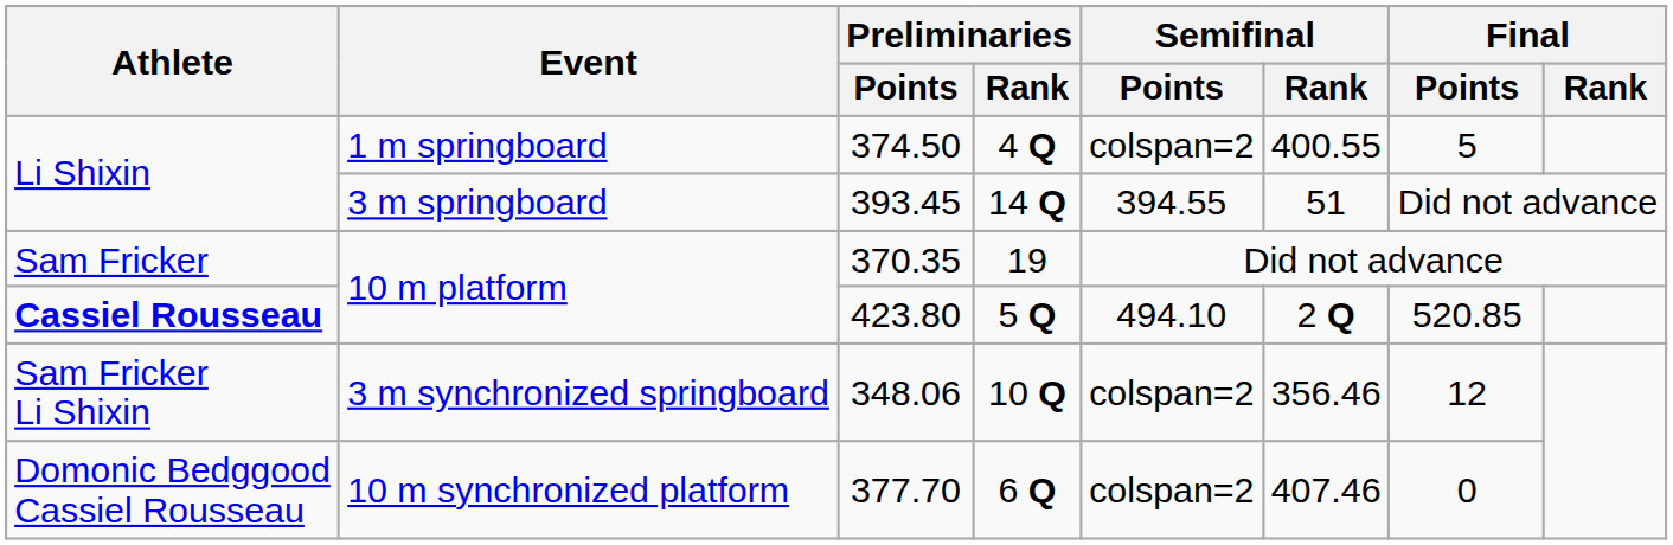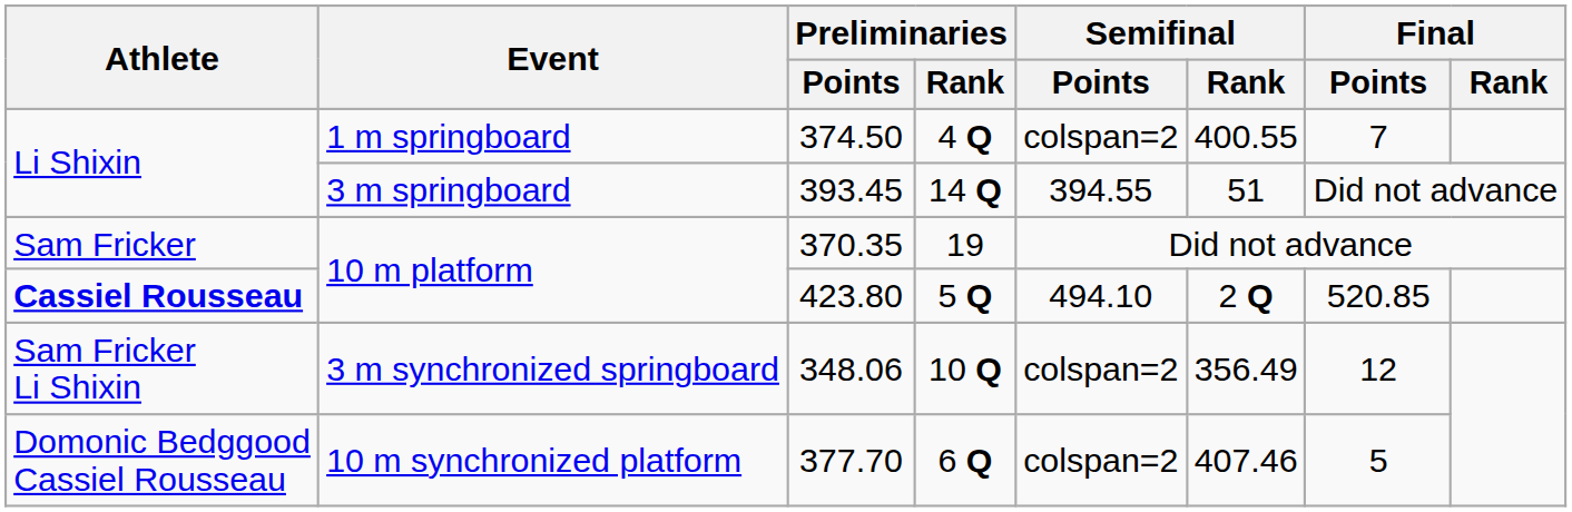 <table class="wikitable" style="text-align:center; font-size:90%;">
 <tr>
 <th rowspan=2>Athlete</th>
 <th rowspan=2>Event</th>
 <th colspan=2>Preliminaries</th>
 <th colspan=2>Semifinal</th>
 <th colspan=2>Final</th>
 </tr>
 <tr style="font-size:95%">
 <th>Points</th>
 <th>Rank</th>
 <th>Points</th>
 <th>Rank</th>
 <th>Points</th>
 <th>Rank</th>
 </tr>
 <tr>
 <td align=left rowspan=2><a href='#'>Li Shixin</a></td>
 <td align=left><a href='#'>1 m springboard</a></td>
 <td>374.50</td>
 <td>4 <strong>Q</strong></td>
 <td>colspan=2 </td>
 <td>400.55</td>
-<td>5</td>
+<td>7</td>
 </tr>
 <tr>
 <td align=left><a href='#'>3 m springboard</a></td>
 <td>393.45</td>
 <td>14 <strong>Q</strong></td>
 <td>394.55</td>
 <td>51</td>
 <td colspan=2>Did not advance</td>
 </tr>
 <tr>
 <td align=left><a href='#'>Sam Fricker</a></td>
 <td align=left rowspan=2><a href='#'>10 m platform</a></td>
 <td>370.35</td>
 <td>19</td>
 <td colspan=4>Did not advance</td>
 </tr>
 <tr>
 <td align=left><strong><a href='#'>Cassiel Rousseau</a></strong></td>
 <td>423.80</td>
 <td>5 <strong>Q</strong></td>
 <td>494.10</td>
 <td>2 <strong>Q</strong></td>
 <td>520.85</td>
 <td></td>
 </tr>
 <tr>
 <td align=left><a href='#'>Sam Fricker</a><br> <a href='#'>Li Shixin</a></td>
 <td align=left><a href='#'>3 m synchronized springboard</a></td>
 <td>348.06</td>
 <td>10 <strong>Q</strong></td>
 <td>colspan=2 </td>
-<td>356.46</td>
+<td>356.49</td>
 <td>12</td>
 </tr>
 <tr>
 <td align=left><a href='#'>Domonic Bedggood</a><br> <a href='#'>Cassiel Rousseau</a></td>
 <td align=left><a href='#'>10 m synchronized platform</a></td>
 <td>377.70</td>
 <td>6 <strong>Q</strong></td>
 <td>colspan=2 </td>
 <td>407.46</td>
-<td>0</td>
+<td>5</td>
 </tr>
 </table>
